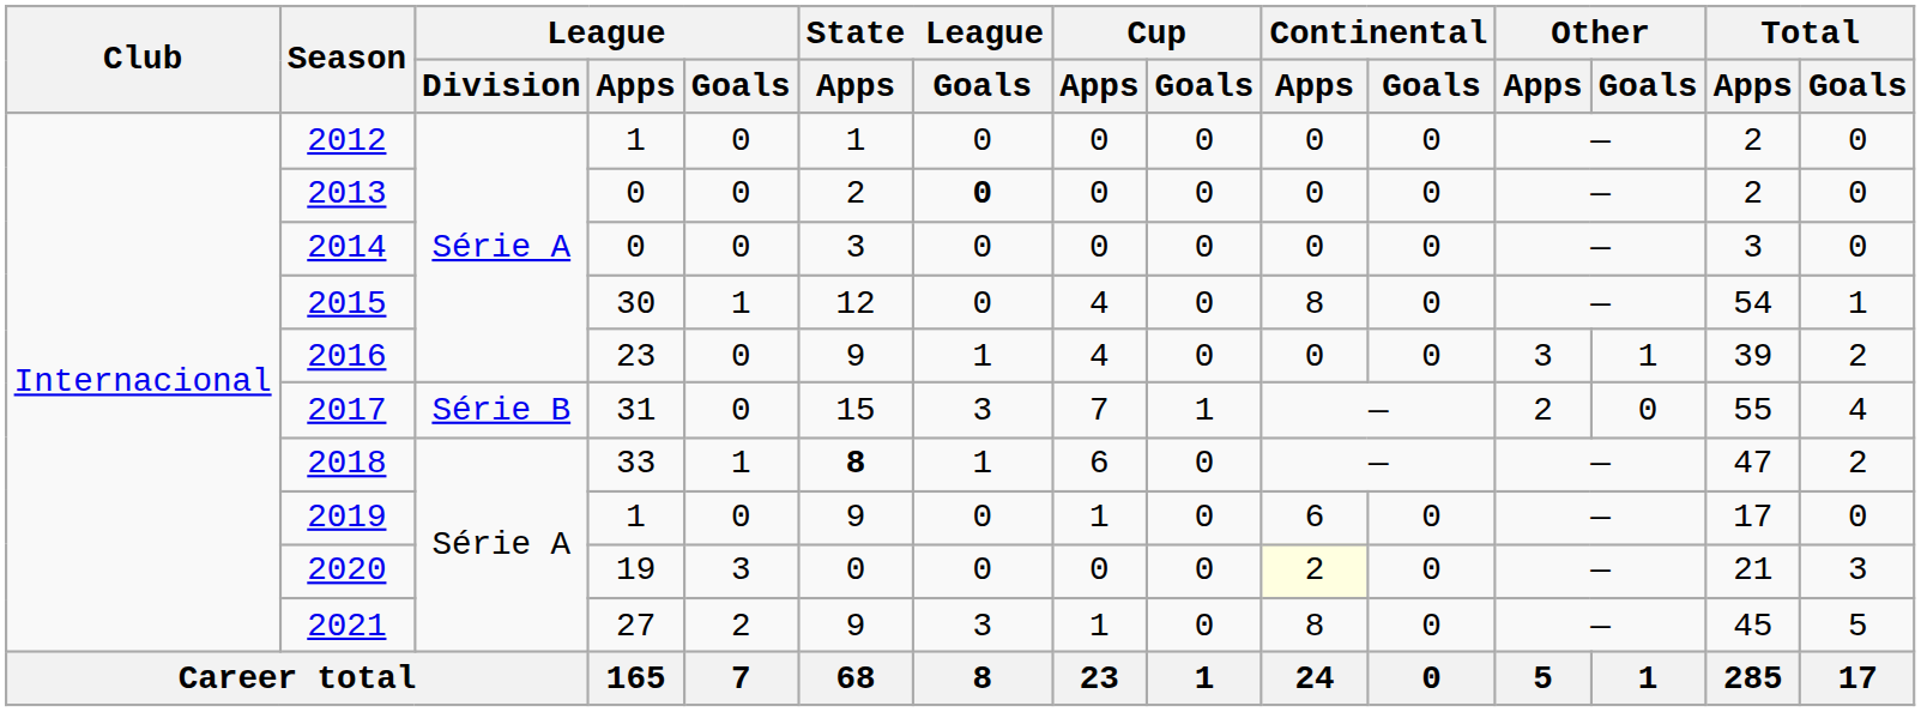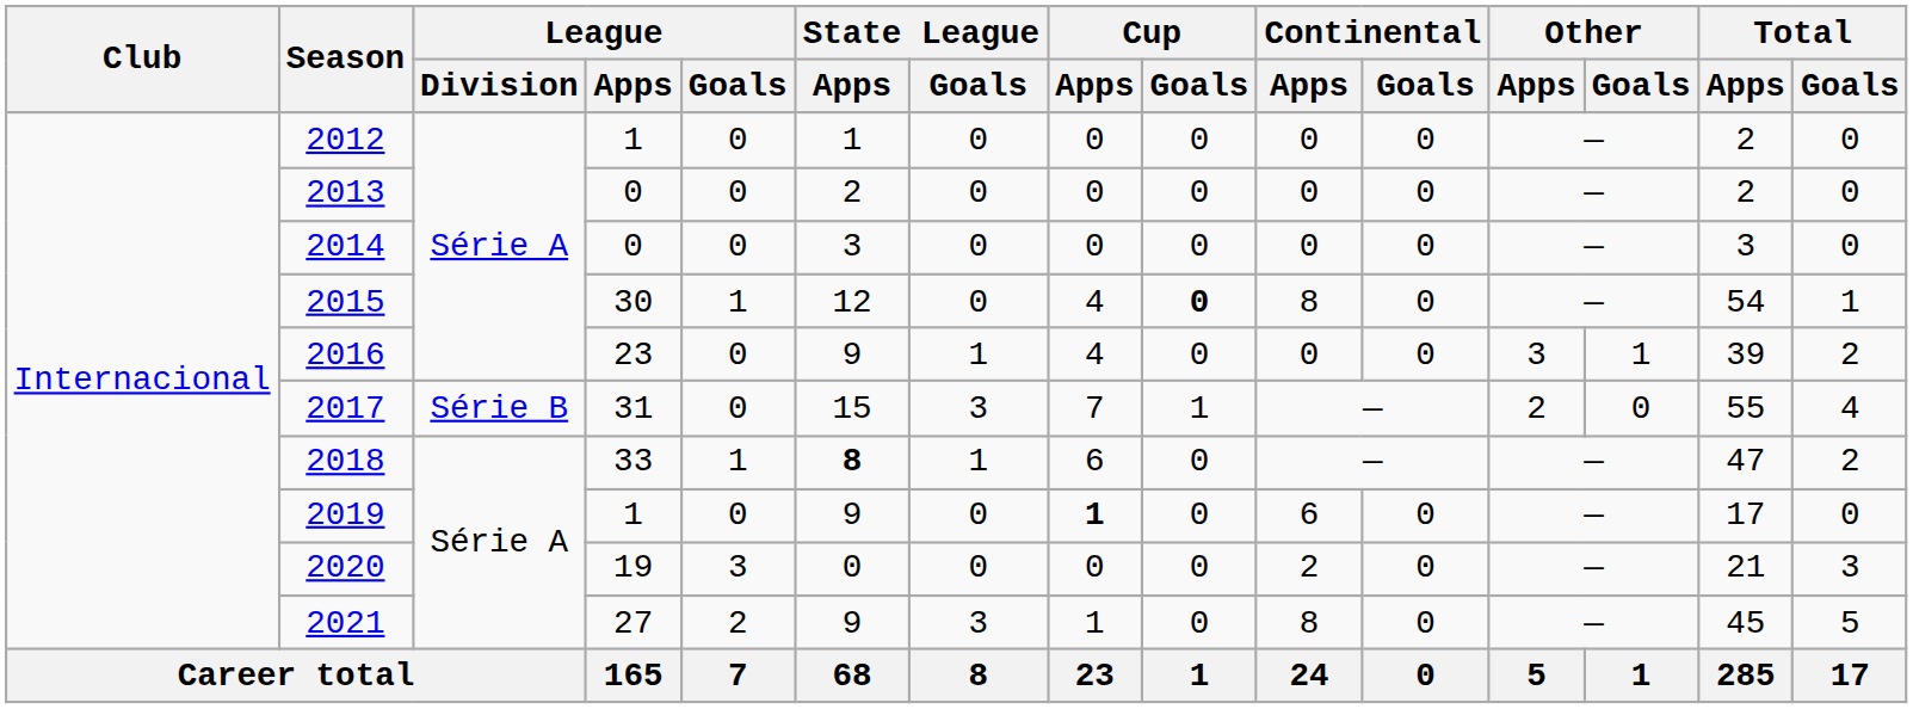 <table class="wikitable" style="text-align: center;">
 <tr>
 <th rowspan="2">Club</th>
 <th rowspan="2">Season</th>
 <th colspan="3">League</th>
 <th colspan="2">State League</th>
 <th colspan="2">Cup</th>
 <th colspan="2">Continental</th>
 <th colspan="2">Other</th>
 <th colspan="2">Total</th>
 </tr>
 <tr>
 <th>Division</th>
 <th>Apps</th>
 <th>Goals</th>
 <th>Apps</th>
 <th>Goals</th>
 <th>Apps</th>
 <th>Goals</th>
 <th>Apps</th>
 <th>Goals</th>
 <th>Apps</th>
 <th>Goals</th>
 <th>Apps</th>
 <th>Goals</th>
 </tr>
 <tr>
 <td rowspan="10"><a href='#'>Internacional</a></td>
 <td><a href='#'>2012</a></td>
 <td rowspan="5"><a href='#'>Série A</a></td>
 <td>1</td>
 <td>0</td>
 <td>1</td>
 <td>0</td>
 <td>0</td>
 <td>0</td>
 <td>0</td>
 <td>0</td>
 <td colspan="2">—</td>
 <td>2</td>
 <td>0</td>
 </tr>
 <tr>
 <td><a href='#'>2013</a></td>
 <td>0</td>
 <td>0</td>
 <td>2</td>
-<td><strong>0</strong></td>
+<td>0</td>
 <td>0</td>
 <td>0</td>
 <td>0</td>
 <td>0</td>
 <td colspan="2">—</td>
 <td>2</td>
 <td>0</td>
 </tr>
 <tr>
 <td><a href='#'>2014</a></td>
 <td>0</td>
 <td>0</td>
 <td>3</td>
 <td>0</td>
 <td>0</td>
 <td>0</td>
 <td>0</td>
 <td>0</td>
 <td colspan="2">—</td>
 <td>3</td>
 <td>0</td>
 </tr>
 <tr>
 <td><a href='#'>2015</a></td>
 <td>30</td>
 <td>1</td>
 <td>12</td>
 <td>0</td>
 <td>4</td>
-<td>0</td>
+<td><strong>0</strong></td>
 <td>8</td>
 <td>0</td>
 <td colspan="2">—</td>
 <td>54</td>
 <td>1</td>
 </tr>
 <tr>
 <td><a href='#'>2016</a></td>
 <td>23</td>
 <td>0</td>
 <td>9</td>
 <td>1</td>
 <td>4</td>
 <td>0</td>
 <td>0</td>
 <td>0</td>
 <td>3</td>
 <td>1</td>
 <td>39</td>
 <td>2</td>
 </tr>
 <tr>
 <td><a href='#'>2017</a></td>
 <td><a href='#'>Série B</a></td>
 <td>31</td>
 <td>0</td>
 <td>15</td>
 <td>3</td>
 <td>7</td>
 <td>1</td>
 <td colspan="2">—</td>
 <td>2</td>
 <td>0</td>
 <td>55</td>
 <td>4</td>
 </tr>
 <tr>
 <td><a href='#'>2018</a></td>
 <td rowspan="4">Série A</td>
 <td>33</td>
 <td>1</td>
 <td><strong>8</strong></td>
 <td>1</td>
 <td>6</td>
 <td>0</td>
 <td colspan="2">—</td>
 <td colspan="2">—</td>
 <td>47</td>
 <td>2</td>
 </tr>
 <tr>
 <td><a href='#'>2019</a></td>
 <td>1</td>
 <td>0</td>
 <td>9</td>
 <td>0</td>
-<td>1</td>
+<td><strong>1</strong></td>
 <td>0</td>
 <td>6</td>
 <td>0</td>
 <td colspan="2">—</td>
 <td>17</td>
 <td>0</td>
 </tr>
 <tr>
 <td><a href='#'>2020</a></td>
 <td>19</td>
 <td>3</td>
 <td>0</td>
 <td>0</td>
 <td>0</td>
 <td>0</td>
-<td style="background: lightyellow;">2</td>
+<td>2</td>
 <td>0</td>
 <td colspan="2">—</td>
 <td>21</td>
 <td>3</td>
 </tr>
 <tr>
 <td><a href='#'>2021</a></td>
 <td>27</td>
 <td>2</td>
 <td>9</td>
 <td>3</td>
 <td>1</td>
 <td>0</td>
 <td>8</td>
 <td>0</td>
 <td colspan="2">—</td>
 <td>45</td>
 <td>5</td>
 </tr>
 <tr>
 <th colspan="3"><strong>Career total</strong></th>
 <th>165</th>
 <th>7</th>
 <th>68</th>
 <th>8</th>
 <th>23</th>
 <th>1</th>
 <th>24</th>
 <th>0</th>
 <th>5</th>
 <th>1</th>
 <th>285</th>
 <th>17</th>
 </tr>
 </table>
